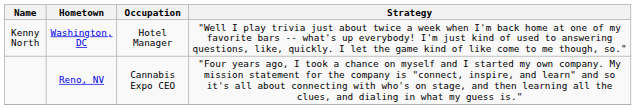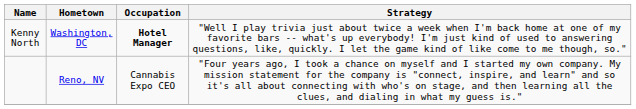 <table class="wikitable" style="text-align:center;">
 <tr>
 <th>Name<br></th>
 <th>Hometown<br></th>
 <th>Occupation<br></th>
 <th>Strategy<br></th>
 </tr>
 <tr>
 <td>Kenny North<br></td>
 <td><a href='#'>Washington, DC</a></td>
-<td>Hotel Manager</td>
+<td><strong>Hotel Manager</strong></td>
 <td>"Well I play trivia just about twice a week when I'm back home at one of my favorite bars -- what's up everybody! I'm just kind of used to answering questions, like, quickly. I let the game kind of like come to me though, so."</td>
 </tr>
 <tr>
 <td></td>
 <td><a href='#'>Reno, NV</a></td>
 <td>Cannabis Expo CEO</td>
 <td>"Four years ago, I took a chance on myself and I started my own company. My mission statement for the company is "connect, inspire, and learn" and so it's all about connecting with who's on stage, and then learning all the clues, and dialing in what my guess is."</td>
 </tr>
 <tr>
 </tr>
 </table>
